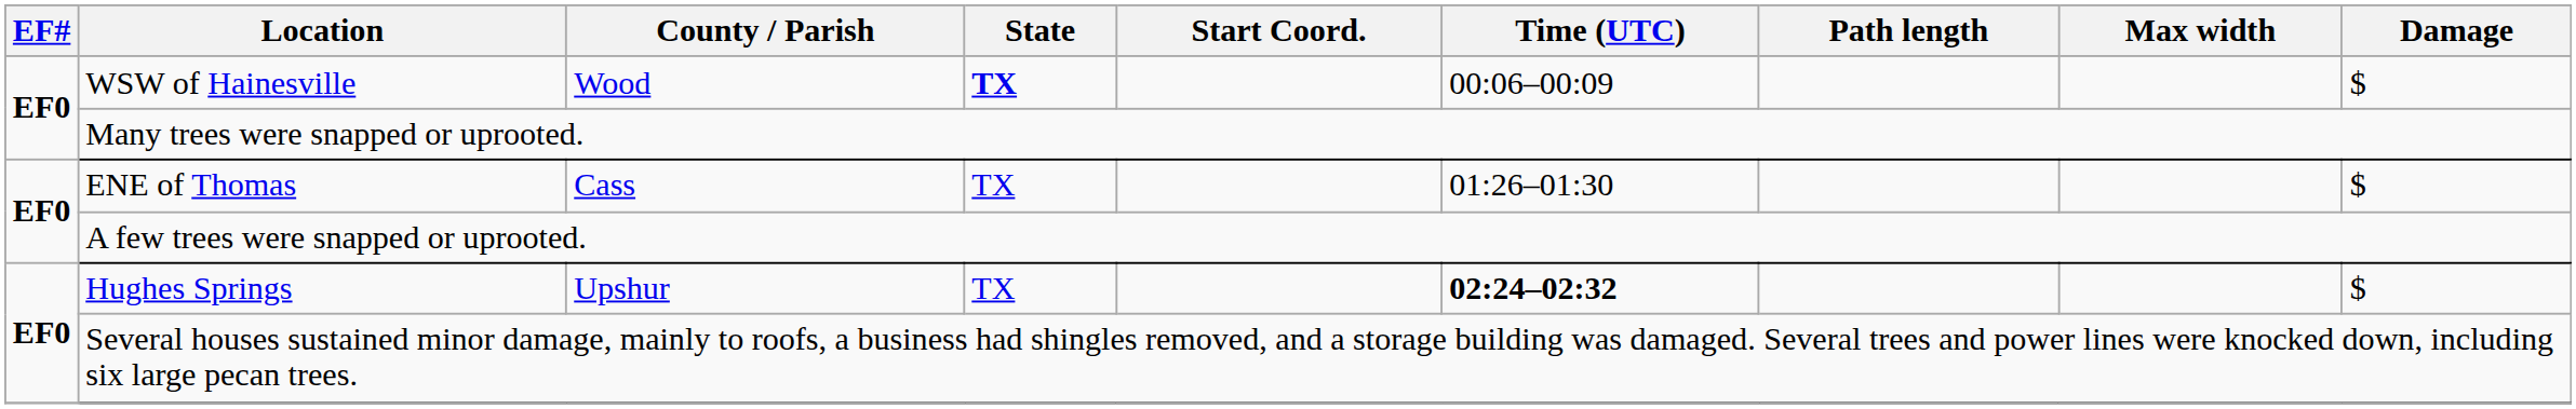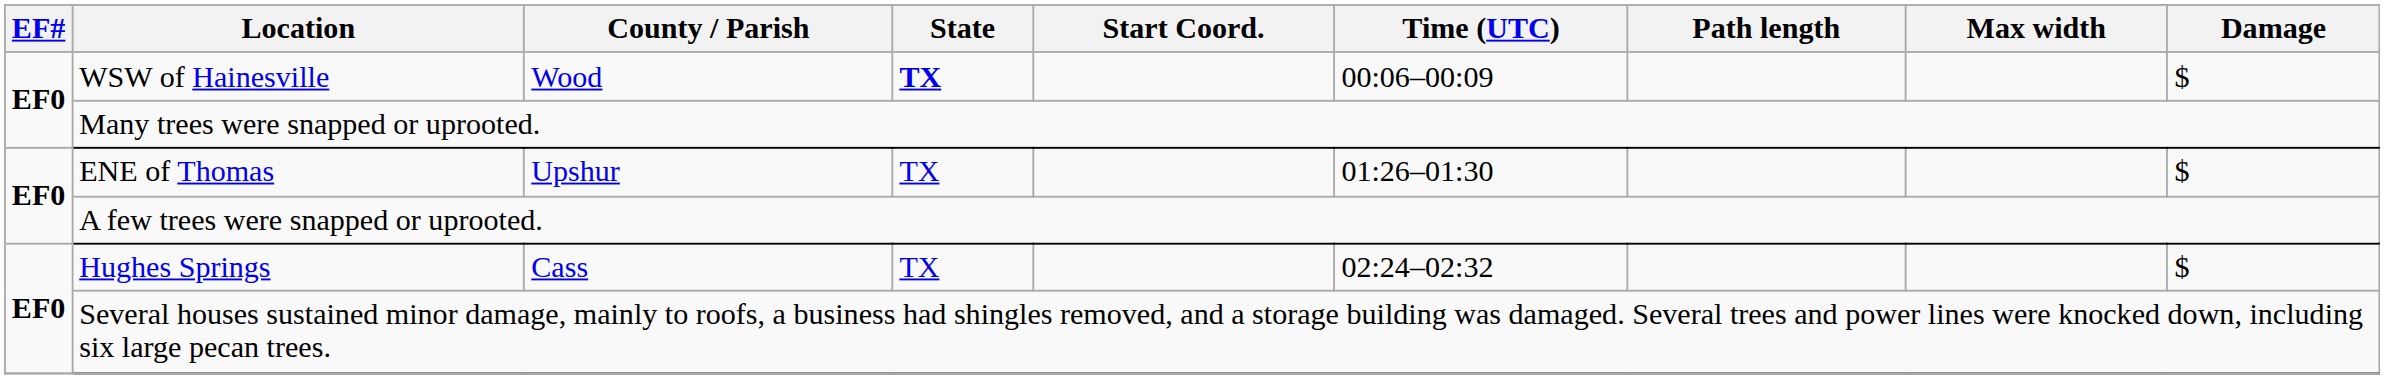 <table class="wikitable sortable" style="width:100%;">
 <tr>
 <th scope="col" width="2%" align="center"><a href='#'>EF#</a></th>
 <th scope="col" align="center" class="unsortable">Location</th>
 <th scope="col" align="center" class="unsortable">County / Parish</th>
 <th scope="col" align="center">State</th>
 <th scope="col" align="center" data-sort-type="number">Start Coord.</th>
 <th scope="col" align="center" data-sort-type="number">Time (<a href='#'>UTC</a>)</th>
 <th scope="col" align="center" data-sort-type="number">Path length</th>
 <th scope="col" align="center" data-sort-type="number">Max width</th>
 <th scope="col" align="center" data-sort-type="number">Damage<br></th>
 </tr>
 <tr>
 <td rowspan="2" align="center"><strong>EF0</strong></td>
 <td>WSW of <a href='#'>Hainesville</a></td>
 <td><a href='#'>Wood</a></td>
 <td><strong><a href='#'>TX</a></strong></td>
 <td></td>
 <td>00:06–00:09</td>
 <td></td>
 <td></td>
 <td>$</td>
 </tr>
 <tr class="expand-child">
 <td colspan="8" style=" border-bottom: 1px solid black;">Many trees were snapped or uprooted.</td>
 </tr>
 <tr>
 <td rowspan="2" align="center"><strong>EF0</strong></td>
 <td>ENE of <a href='#'>Thomas</a></td>
-<td><a href='#'>Cass</a></td>
+<td><a href='#'>Upshur</a></td>
 <td><a href='#'>TX</a></td>
 <td></td>
 <td>01:26–01:30</td>
 <td></td>
 <td></td>
 <td>$</td>
 </tr>
 <tr class="expand-child">
 <td colspan="8" style=" border-bottom: 1px solid black;">A few trees were snapped or uprooted.</td>
 </tr>
 <tr>
 <td rowspan="2" align="center"><strong>EF0</strong></td>
 <td><a href='#'>Hughes Springs</a></td>
-<td><a href='#'>Upshur</a></td>
+<td><a href='#'>Cass</a></td>
 <td><a href='#'>TX</a></td>
 <td></td>
-<td><strong>02:24–02:32</strong></td>
+<td>02:24–02:32</td>
 <td></td>
 <td></td>
 <td>$</td>
 </tr>
 <tr class="expand-child">
 <td colspan="8" style=" border-bottom: 1px solid black;">Several houses sustained minor damage, mainly to roofs, a business had shingles removed, and a storage building was damaged. Several trees and power lines were knocked down, including six large pecan trees.</td>
 </tr>
 <tr>
 </tr>
 </table>
